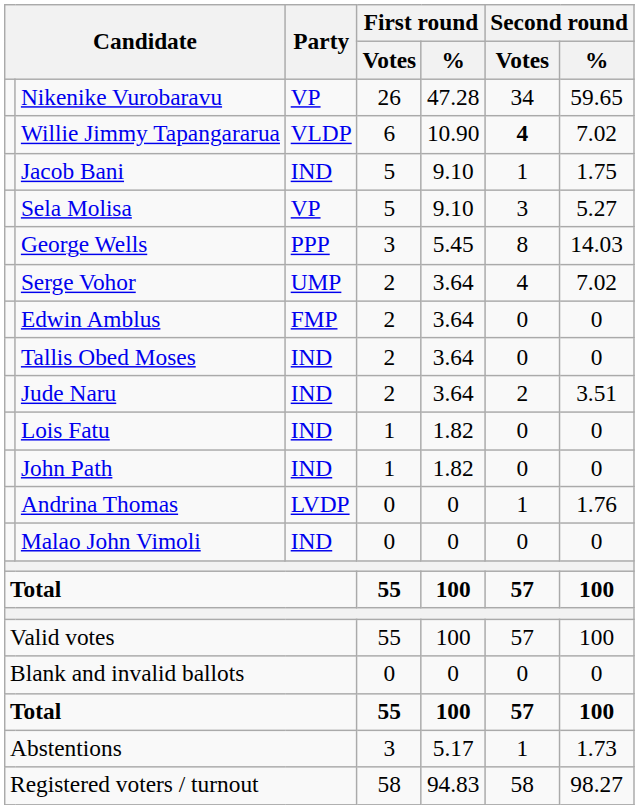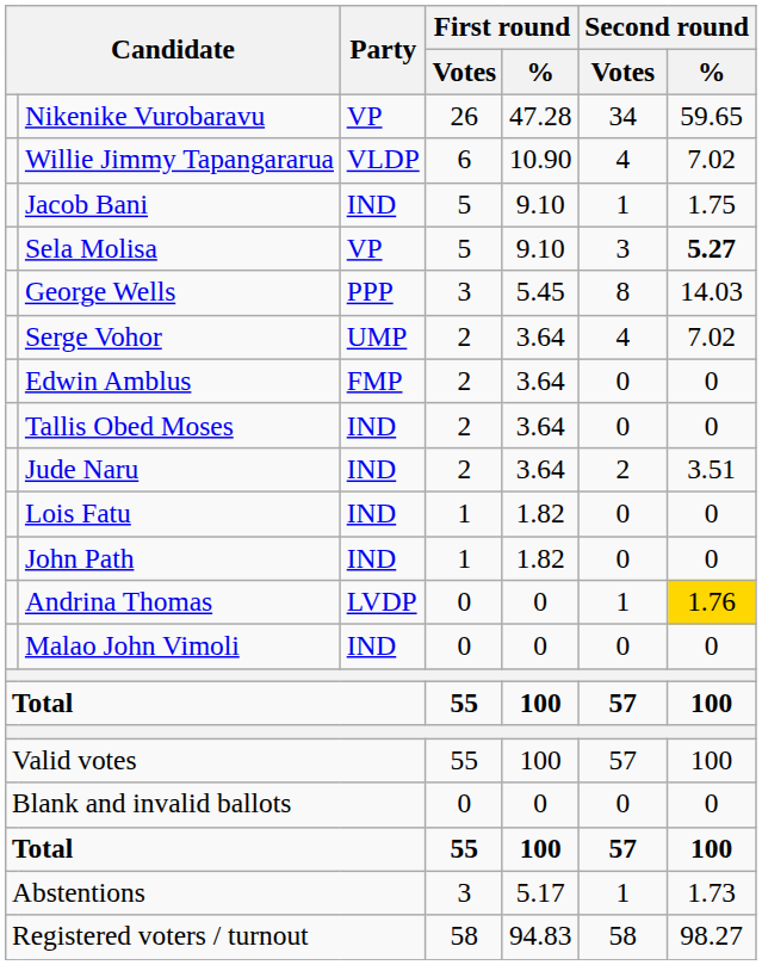 <table class="wikitable" style="text-align:center">
 <tr>
 <th rowspan="2" colspan="2">Candidate</th>
 <th rowspan="2">Party</th>
 <th colspan="2">First round</th>
 <th colspan="2">Second round</th>
 </tr>
 <tr>
 <th>Votes</th>
 <th>%</th>
 <th>Votes</th>
 <th>%</th>
 </tr>
 <tr>
 <td style="background:"></td>
 <td align=left><a href='#'>Nikenike Vurobaravu</a></td>
 <td align=left><a href='#'>VP</a></td>
 <td>26</td>
 <td>47.28</td>
 <td>34</td>
 <td>59.65</td>
 </tr>
 <tr>
 <td></td>
 <td align=left><a href='#'>Willie Jimmy Tapangararua</a></td>
 <td align=left><a href='#'>VLDP</a></td>
 <td>6</td>
 <td>10.90</td>
-<td><strong>4</strong></td>
+<td>4</td>
 <td>7.02</td>
 </tr>
 <tr>
 <td style="background:"></td>
 <td align=left><a href='#'>Jacob Bani</a></td>
 <td align=left><a href='#'>IND</a></td>
 <td>5</td>
 <td>9.10</td>
 <td>1</td>
 <td>1.75</td>
 </tr>
 <tr>
 <td style="background:"></td>
 <td align=left><a href='#'>Sela Molisa</a></td>
 <td align=left><a href='#'>VP</a></td>
 <td>5</td>
 <td>9.10</td>
 <td>3</td>
-<td>5.27</td>
+<td><strong>5.27</strong></td>
 </tr>
 <tr>
 <td style="background:"></td>
 <td align=left><a href='#'> George Wells</a></td>
 <td align=left><a href='#'>PPP</a></td>
 <td>3</td>
 <td>5.45</td>
 <td>8</td>
 <td>14.03</td>
 </tr>
 <tr>
 <td style="background:"></td>
 <td align=left><a href='#'>Serge Vohor</a></td>
 <td align=left><a href='#'>UMP</a></td>
 <td>2</td>
 <td>3.64</td>
 <td>4</td>
 <td>7.02</td>
 </tr>
 <tr>
 <td style="background:"></td>
 <td align=left><a href='#'>Edwin Amblus</a></td>
 <td align=left><a href='#'>FMP</a></td>
 <td>2</td>
 <td>3.64</td>
 <td>0</td>
 <td>0</td>
 </tr>
 <tr>
 <td style="background:"></td>
 <td align=left><a href='#'>Tallis Obed Moses</a></td>
 <td align=left><a href='#'>IND</a></td>
 <td>2</td>
 <td>3.64</td>
 <td>0</td>
 <td>0</td>
 </tr>
 <tr>
 <td style="background:"></td>
 <td align=left><a href='#'>Jude Naru</a></td>
 <td align=left><a href='#'>IND</a></td>
 <td>2</td>
 <td>3.64</td>
 <td>2</td>
 <td>3.51</td>
 </tr>
 <tr>
 <td style="background:"></td>
 <td align=left><a href='#'>Lois Fatu</a></td>
 <td align=left><a href='#'>IND</a></td>
 <td>1</td>
 <td>1.82</td>
 <td>0</td>
 <td>0</td>
 </tr>
 <tr>
 <td style="background:"></td>
 <td align=left><a href='#'>John Path</a></td>
 <td align=left><a href='#'>IND</a></td>
 <td>1</td>
 <td>1.82</td>
 <td>0</td>
 <td>0</td>
 </tr>
 <tr>
 <td></td>
 <td align=left><a href='#'>Andrina Thomas</a></td>
 <td align=left><a href='#'>LVDP</a></td>
 <td>0</td>
 <td>0</td>
 <td>1</td>
-<td>1.76</td>
+<td style="background: gold;">1.76</td>
 </tr>
 <tr>
 <td style="background:"></td>
 <td align=left><a href='#'>Malao John Vimoli</a></td>
 <td align=left><a href='#'>IND</a></td>
 <td>0</td>
 <td>0</td>
 <td>0</td>
 <td>0</td>
 </tr>
 <tr>
 <th colspan="25"></th>
 </tr>
 <tr>
 <td colspan="3" align=left><strong>Total</strong></td>
 <td><strong>55</strong></td>
 <td><strong>100</strong></td>
 <td><strong>57</strong></td>
 <td><strong>100</strong></td>
 </tr>
 <tr>
 <th colspan="25"></th>
 </tr>
 <tr>
 <td colspan="3" align=left>Valid votes</td>
 <td>55</td>
 <td>100</td>
 <td>57</td>
 <td>100</td>
 </tr>
 <tr>
 <td colspan="3" align=left>Blank and invalid ballots</td>
 <td>0</td>
 <td>0</td>
 <td>0</td>
 <td>0</td>
 </tr>
 <tr>
 <td colspan="3" align=left><strong>Total</strong></td>
 <td><strong>55</strong></td>
 <td><strong>100</strong></td>
 <td><strong>57</strong></td>
 <td><strong>100</strong></td>
 </tr>
 <tr>
 <td colspan="3" align=left>Abstentions</td>
 <td>3</td>
 <td>5.17</td>
 <td>1</td>
 <td>1.73</td>
 </tr>
 <tr>
 <td colspan="3" align=left>Registered voters / turnout</td>
 <td>58</td>
 <td>94.83</td>
 <td>58</td>
 <td>98.27</td>
 </tr>
 </table>
